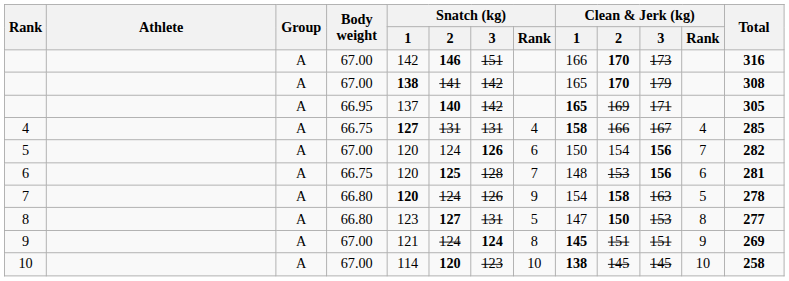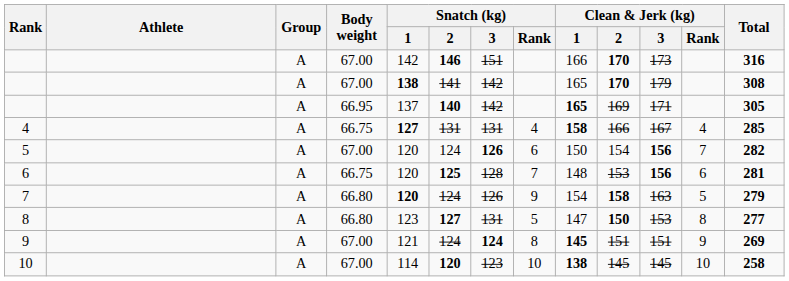 <table class = "wikitable" style="text-align:center;">
 <tr>
 <th rowspan=2 width=40>Rank</th>
 <th rowspan=2 width=250>Athlete</th>
 <th rowspan=2 width=50>Group</th>
 <th rowspan=2 width=60>Body weight</th>
 <th colspan=4>Snatch (kg)</th>
 <th colspan=4>Clean & Jerk (kg)</th>
 <th rowspan=2 width=60>Total</th>
 </tr>
 <tr>
 <th width=40>1</th>
 <th width=40>2</th>
 <th width=40>3</th>
 <th width=40>Rank</th>
 <th width=40>1</th>
 <th width=40>2</th>
 <th width=40>3</th>
 <th width=40>Rank</th>
 </tr>
 <tr>
 <td></td>
 <td align=left></td>
 <td>A</td>
 <td>67.00</td>
 <td>142</td>
 <td><strong>146</strong></td>
 <td><s>151</s></td>
 <td></td>
 <td>166</td>
 <td><strong>170</strong></td>
 <td><s>173</s></td>
 <td></td>
 <td><strong>316</strong></td>
 </tr>
 <tr>
 <td></td>
 <td align=left></td>
 <td>A</td>
 <td>67.00</td>
 <td><strong>138</strong></td>
 <td><s>141</s></td>
 <td><s>142</s></td>
 <td></td>
 <td>165</td>
 <td><strong>170</strong></td>
 <td><s>179</s></td>
 <td></td>
 <td><strong>308</strong></td>
 </tr>
 <tr>
 <td></td>
 <td align=left></td>
 <td>A</td>
 <td>66.95</td>
 <td>137</td>
 <td><strong>140</strong></td>
 <td><s>142</s></td>
 <td></td>
 <td><strong>165</strong></td>
 <td><s>169</s></td>
 <td><s>171</s></td>
 <td></td>
 <td><strong>305</strong></td>
 </tr>
 <tr>
 <td>4</td>
 <td align=left></td>
 <td>A</td>
 <td>66.75</td>
 <td><strong>127</strong></td>
 <td><s>131</s></td>
 <td><s>131</s></td>
 <td>4</td>
 <td><strong>158</strong></td>
 <td><s>166</s></td>
 <td><s>167</s></td>
 <td>4</td>
 <td><strong>285</strong></td>
 </tr>
 <tr>
 <td>5</td>
 <td align=left></td>
 <td>A</td>
 <td>67.00</td>
 <td>120</td>
 <td>124</td>
 <td><strong>126</strong></td>
 <td>6</td>
 <td>150</td>
 <td>154</td>
 <td><strong>156</strong></td>
 <td>7</td>
 <td><strong>282</strong></td>
 </tr>
 <tr>
 <td>6</td>
 <td align=left></td>
 <td>A</td>
 <td>66.75</td>
 <td>120</td>
 <td><strong>125</strong></td>
 <td><s>128</s></td>
 <td>7</td>
 <td>148</td>
 <td><s>153</s></td>
 <td><strong>156</strong></td>
 <td>6</td>
 <td><strong>281</strong></td>
 </tr>
 <tr>
 <td>7</td>
 <td align=left></td>
 <td>A</td>
 <td>66.80</td>
 <td><strong>120</strong></td>
 <td><s>124</s></td>
 <td><s>126</s></td>
 <td>9</td>
 <td>154</td>
 <td><strong>158</strong></td>
 <td><s>163</s></td>
 <td>5</td>
-<td><strong>278</strong></td>
+<td><strong>279</strong></td>
 </tr>
 <tr>
 <td>8</td>
 <td align=left></td>
 <td>A</td>
 <td>66.80</td>
 <td>123</td>
 <td><strong>127</strong></td>
 <td><s>131</s></td>
 <td>5</td>
 <td>147</td>
 <td><strong>150</strong></td>
 <td><s>153</s></td>
 <td>8</td>
 <td><strong>277</strong></td>
 </tr>
 <tr>
 <td>9</td>
 <td align=left></td>
 <td>A</td>
 <td>67.00</td>
 <td>121</td>
 <td><s>124</s></td>
 <td><strong>124</strong></td>
 <td>8</td>
 <td><strong>145</strong></td>
 <td><s>151</s></td>
 <td><s>151</s></td>
 <td>9</td>
 <td><strong>269</strong></td>
 </tr>
 <tr>
 <td>10</td>
 <td align=left></td>
 <td>A</td>
 <td>67.00</td>
 <td>114</td>
 <td><strong>120</strong></td>
 <td><s>123</s></td>
 <td>10</td>
 <td><strong>138</strong></td>
 <td><s>145</s></td>
 <td><s>145</s></td>
 <td>10</td>
 <td><strong>258</strong></td>
 </tr>
 </table>
